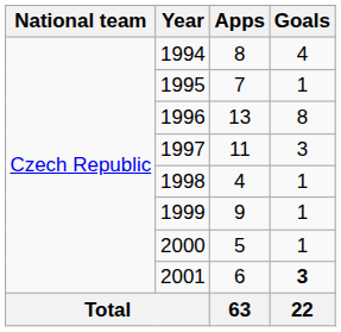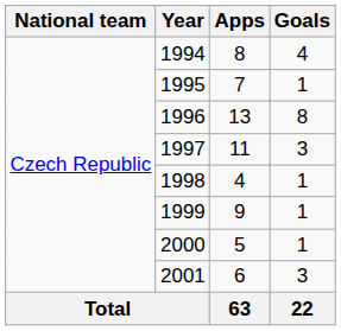 <table class="wikitable" style="text-align:center">
 <tr>
 <th>National team</th>
 <th>Year</th>
 <th>Apps</th>
 <th>Goals</th>
 </tr>
 <tr>
 <td rowspan="8"><a href='#'>Czech Republic</a></td>
 <td>1994</td>
 <td>8</td>
 <td>4</td>
 </tr>
 <tr>
 <td>1995</td>
 <td>7</td>
 <td>1</td>
 </tr>
 <tr>
 <td>1996</td>
 <td>13</td>
 <td>8</td>
 </tr>
 <tr>
 <td>1997</td>
 <td>11</td>
 <td>3</td>
 </tr>
 <tr>
 <td>1998</td>
 <td>4</td>
 <td>1</td>
 </tr>
 <tr>
 <td>1999</td>
 <td>9</td>
 <td>1</td>
 </tr>
 <tr>
 <td>2000</td>
 <td>5</td>
 <td>1</td>
 </tr>
 <tr>
 <td>2001</td>
 <td>6</td>
-<td><strong>3</strong></td>
+<td>3</td>
 </tr>
 <tr>
 <th colspan="2">Total</th>
 <th>63</th>
 <th>22</th>
 </tr>
 </table>
